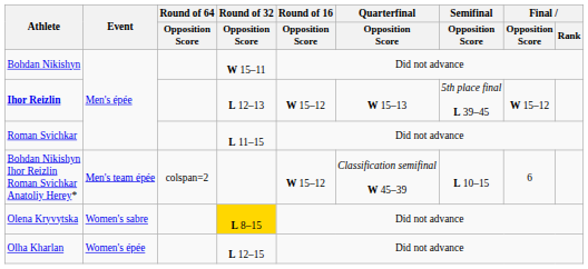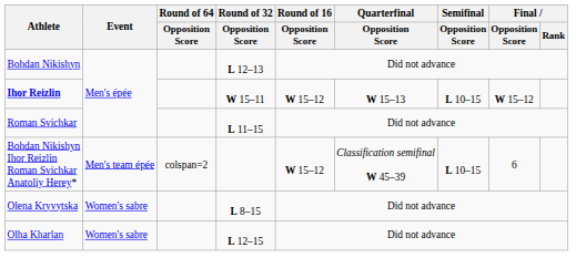 <table class="wikitable" style="font-size:90%">
 <tr>
 <th rowspan="2">Athlete</th>
 <th rowspan="2">Event</th>
 <th>Round of 64</th>
 <th>Round of 32</th>
 <th>Round of 16</th>
 <th>Quarterfinal</th>
 <th>Semifinal</th>
 <th colspan=2>Final / </th>
 </tr>
 <tr style="font-size:95%">
 <th>Opposition <br> Score</th>
 <th>Opposition <br> Score</th>
 <th>Opposition <br> Score</th>
 <th>Opposition <br> Score</th>
 <th>Opposition <br> Score</th>
 <th>Opposition <br> Score</th>
 <th>Rank</th>
 </tr>
 <tr align=center>
 <td align=left><a href='#'>Bohdan Nikishyn</a></td>
 <td align=left rowspan=3><a href='#'>Men's épée</a></td>
 <td></td>
-<td><br><strong>W</strong> 15–11</td>
+<td><br><strong>L</strong> 12–13</td>
 <td colspan=5>Did not advance</td>
 </tr>
 <tr align=center>
 <td align=left><strong><a href='#'>Ihor Reizlin</a></strong></td>
 <td></td>
-<td><br><strong>L</strong> 12–13</td>
+<td><br><strong>W</strong> 15–11</td>
 <td><br><strong>W</strong> 15–12</td>
 <td><br><strong>W</strong> 15–13</td>
-<td><em>5th place final</em><br><br><strong>L</strong> 39–45</td>
+<td><br><strong>L</strong> 10–15</td>
 <td><br><strong>W</strong> 15–12</td>
 <td></td>
 </tr>
 <tr align=center>
 <td align=left><a href='#'>Roman Svichkar</a></td>
 <td></td>
 <td><br><strong>L</strong> 11–15</td>
 <td colspan=5>Did not advance</td>
 </tr>
 <tr align=center>
 <td align=left><a href='#'>Bohdan Nikishyn</a><br><a href='#'>Ihor Reizlin</a><br><a href='#'>Roman Svichkar</a><br><a href='#'>Anatoliy Herey</a>*</td>
 <td align=left><a href='#'>Men's team épée</a></td>
 <td>colspan=2 </td>
 <td></td>
 <td><br><strong>W</strong> 15–12</td>
 <td><em>Classification semifinal</em><br><br><strong>W</strong> 45–39</td>
 <td><br><strong>L</strong> 10–15</td>
 <td>6</td>
 </tr>
 <tr align=center>
 <td align=left><a href='#'>Olena Kryvytska</a></td>
 <td align=left><a href='#'>Women's sabre</a></td>
 <td></td>
-<td style="background: gold;"><br><strong>L</strong> 8–15</td>
+<td><br><strong>L</strong> 8–15</td>
 <td colspan=5>Did not advance</td>
 </tr>
 <tr align=center>
 <td align=left><a href='#'>Olha Kharlan</a></td>
-<td align=left><a href='#'>Women's épée</a></td>
+<td align=left><a href='#'>Women's sabre</a></td>
 <td></td>
 <td><br><strong>L</strong> 12–15</td>
 <td colspan=5>Did not advance</td>
 </tr>
 </table>
